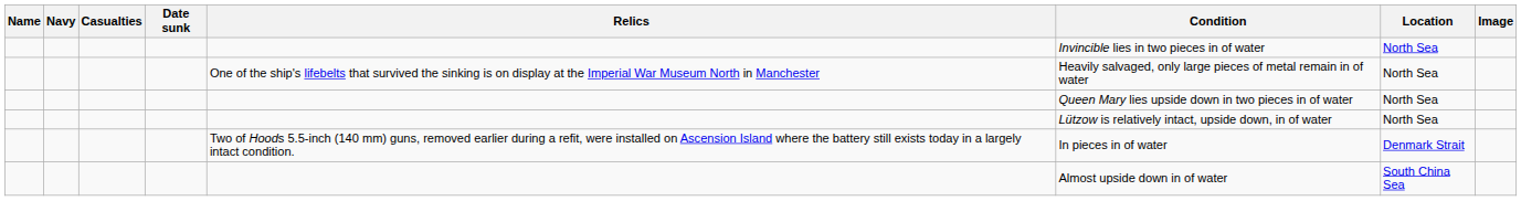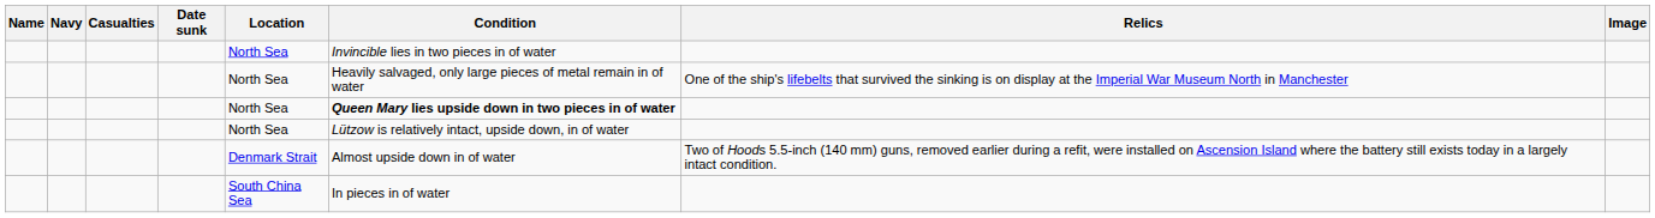 <table class="wikitable sortable" style="width:100%;">
 <tr>
 <th scope="col">Name</th>
 <th scope="col">Navy</th>
 <th scope="col">Casualties</th>
 <th scope="col">Date sunk</th>
+<th scope="col">Location</th>
+<th scope="col">Condition</th>
 <th scope="col">Relics</th>
-<th scope="col">Condition</th>
-<th scope="col">Location</th>
 <th scope="col" class="unsortable">Image</th>
 </tr>
 <tr>
 <td></td>
 <td></td>
 <td></td>
 <td></td>
+<td><a href='#'>North Sea</a></td>
+<td><em>Invincible</em> lies in two pieces in  of water</td>
 <td></td>
-<td><em>Invincible</em> lies in two pieces in  of water</td>
-<td><a href='#'>North Sea</a></td>
 <td></td>
 </tr>
 <tr>
 <td></td>
 <td></td>
 <td></td>
 <td></td>
+<td>North Sea</td>
+<td>Heavily salvaged, only large pieces of metal remain in  of water</td>
 <td>One of the ship's <a href='#'>lifebelts</a> that survived the sinking is on display at the <a href='#'>Imperial War Museum North</a> in <a href='#'>Manchester</a></td>
-<td>Heavily salvaged, only large pieces of metal remain in  of water</td>
-<td>North Sea</td>
 <td></td>
 </tr>
 <tr>
 <td></td>
 <td></td>
 <td></td>
 <td></td>
+<td>North Sea</td>
+<td><strong><em>Queen Mary</em> lies upside down in two pieces in  of water</strong></td>
 <td></td>
-<td><em>Queen Mary</em> lies upside down in two pieces in  of water</td>
-<td>North Sea</td>
 <td></td>
 </tr>
 <tr>
 <td></td>
 <td></td>
 <td></td>
 <td></td>
+<td>North Sea</td>
+<td><em>Lützow</em> is relatively intact, upside down, in  of water</td>
 <td></td>
-<td><em>Lützow</em> is relatively intact, upside down, in  of water</td>
-<td>North Sea</td>
 <td></td>
 </tr>
 <tr>
 <td></td>
 <td></td>
 <td></td>
 <td></td>
+<td><a href='#'>Denmark Strait</a></td>
+<td>Almost upside down in  of water</td>
 <td>Two of <em>Hood</em>s 5.5-inch (140 mm) guns, removed earlier during a refit, were installed on <a href='#'>Ascension Island</a> where the battery still exists today in a largely intact condition.</td>
-<td>In pieces in  of water</td>
-<td><a href='#'>Denmark Strait</a></td>
 <td></td>
 </tr>
 <tr>
 <td></td>
 <td></td>
 <td></td>
 <td></td>
+<td><a href='#'>South China Sea</a></td>
+<td>In pieces in  of water</td>
 <td></td>
-<td>Almost upside down in  of water</td>
-<td><a href='#'>South China Sea</a></td>
 <td></td>
 </tr>
 </table>
